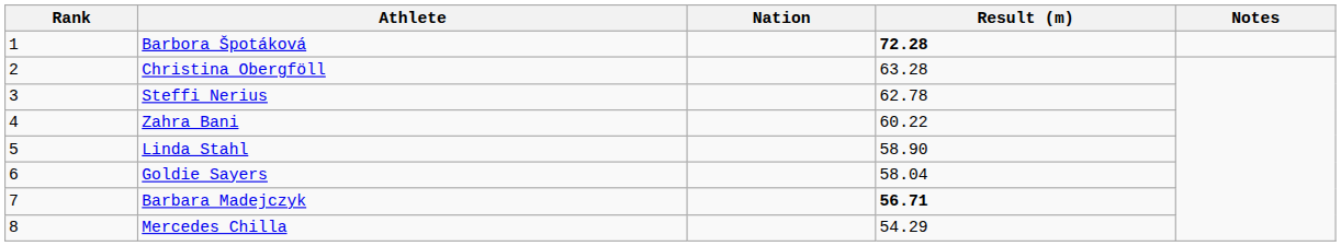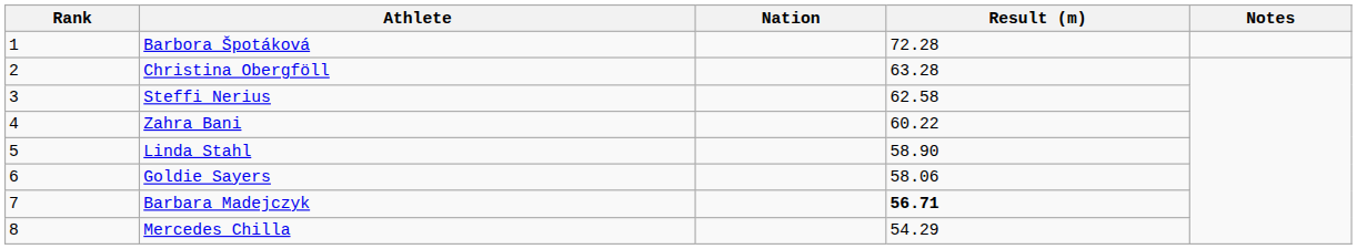 <table class="wikitable" style="text=align:center;" width=85%>
 <tr>
 <th>Rank</th>
 <th>Athlete</th>
 <th>Nation</th>
 <th>Result (m)</th>
 <th>Notes</th>
 </tr>
 <tr>
 <td>1</td>
 <td><a href='#'>Barbora Špotáková</a></td>
 <td></td>
-<td><strong>72.28</strong></td>
+<td>72.28</td>
 <td></td>
 </tr>
 <tr>
 <td>2</td>
 <td><a href='#'>Christina Obergföll</a></td>
 <td></td>
 <td>63.28</td>
 </tr>
 <tr>
 <td>3</td>
 <td><a href='#'>Steffi Nerius</a></td>
 <td></td>
-<td>62.78</td>
+<td>62.58</td>
 </tr>
 <tr>
 <td>4</td>
 <td><a href='#'>Zahra Bani</a></td>
 <td></td>
 <td>60.22</td>
 </tr>
 <tr>
 <td>5</td>
 <td><a href='#'>Linda Stahl</a></td>
 <td></td>
 <td>58.90</td>
 </tr>
 <tr>
 <td>6</td>
 <td><a href='#'>Goldie Sayers</a></td>
 <td></td>
-<td>58.04</td>
+<td>58.06</td>
 </tr>
 <tr>
 <td>7</td>
 <td><a href='#'>Barbara Madejczyk</a></td>
 <td></td>
 <td><strong>56.71</strong></td>
 </tr>
 <tr>
 <td>8</td>
 <td><a href='#'>Mercedes Chilla</a></td>
 <td></td>
 <td>54.29</td>
 </tr>
 </table>
